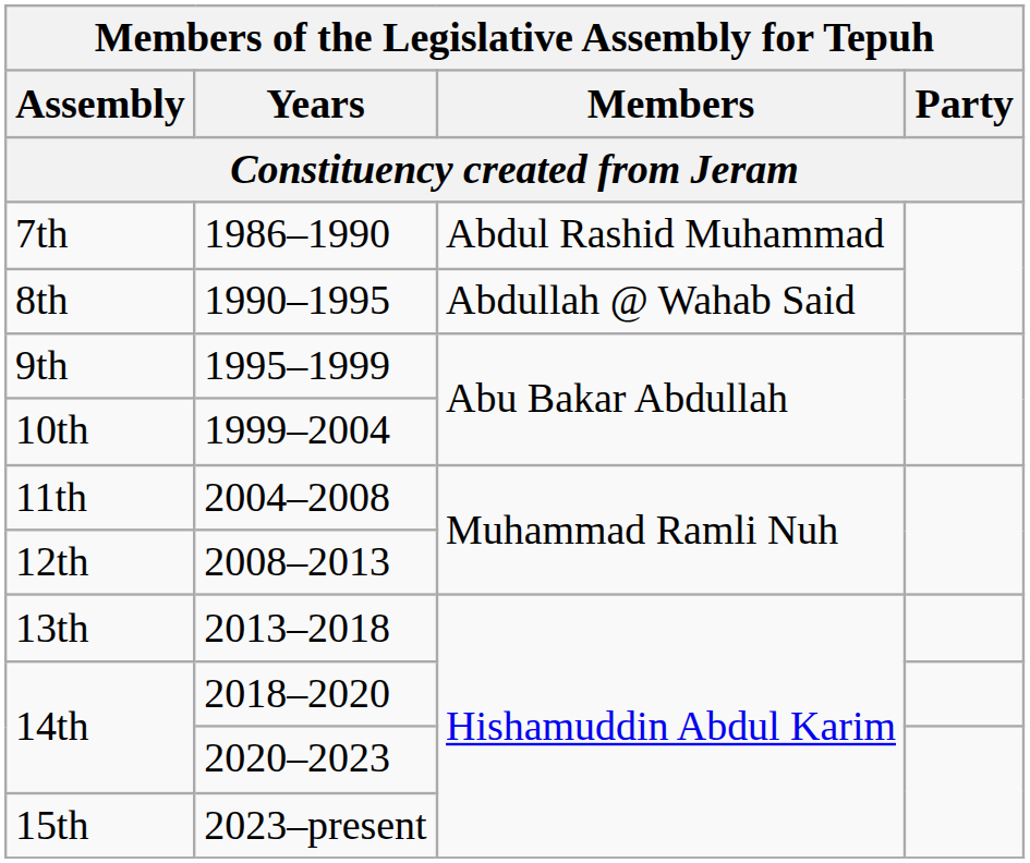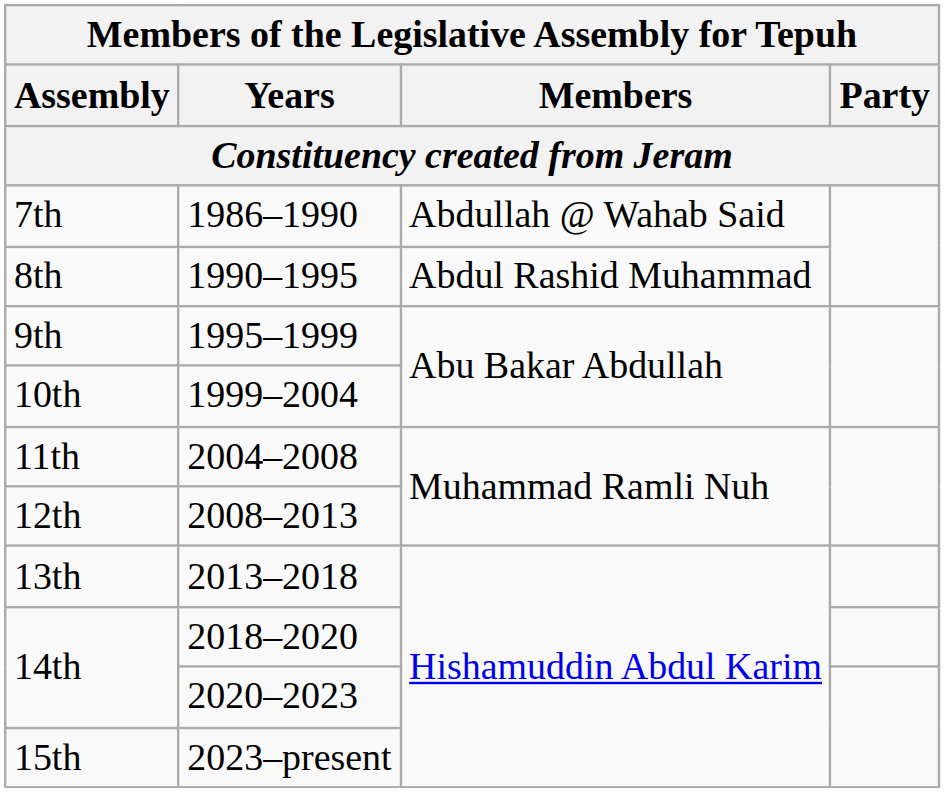 <table class="wikitable">
 <tr>
 <th colspan="4">Members of the Legislative Assembly for Tepuh</th>
 </tr>
 <tr>
 <th>Assembly</th>
 <th>Years</th>
 <th>Members</th>
 <th>Party</th>
 </tr>
 <tr>
 <th colspan="4"><em>Constituency created from Jeram</em></th>
 </tr>
 <tr>
 <td>7th</td>
 <td>1986–1990</td>
-<td>Abdul Rashid Muhammad</td>
+<td>Abdullah @ Wahab Said</td>
 <td rowspan="2"></td>
 </tr>
 <tr>
 <td>8th</td>
 <td>1990–1995</td>
-<td>Abdullah @ Wahab Said</td>
+<td>Abdul Rashid Muhammad</td>
 </tr>
 <tr>
 <td>9th</td>
 <td>1995–1999</td>
 <td rowspan="2">Abu Bakar Abdullah</td>
 <td rowspan="2"></td>
 </tr>
 <tr>
 <td>10th</td>
 <td>1999–2004</td>
 </tr>
 <tr>
 <td>11th</td>
 <td>2004–2008</td>
 <td rowspan="2">Muhammad Ramli Nuh</td>
 <td rowspan="2"></td>
 </tr>
 <tr>
 <td>12th</td>
 <td>2008–2013</td>
 </tr>
 <tr>
 <td>13th</td>
 <td>2013–2018</td>
 <td rowspan="4"><a href='#'>Hishamuddin Abdul Karim</a></td>
 <td></td>
 </tr>
 <tr>
 <td rowspan="2">14th</td>
 <td>2018–2020</td>
 <td></td>
 </tr>
 <tr>
 <td>2020–2023</td>
 <td rowspan="2"></td>
 </tr>
 <tr>
 <td>15th</td>
 <td>2023–present</td>
 </tr>
 </table>
